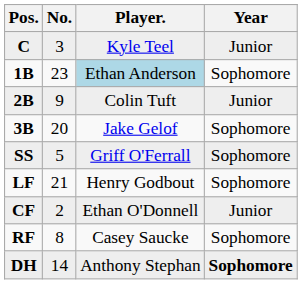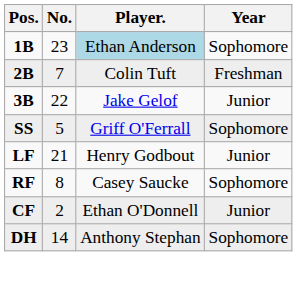 <table class="wikitable non-sortable">
 <tr>
 <th style="text-align:center; ">Pos.</th>
 <th style="text-align:center; ">No.</th>
 <th style="text-align:center; ">Player.</th>
 <th style="text-align:center; ">Year</th>
-</tr>
-<tr style="background:#eeeeee;text-align:center;">
-<td><strong>C</strong></td>
-<td>3</td>
-<td><a href='#'>Kyle Teel</a></td>
-<td>Junior</td>
 </tr>
 <tr style="text-align:center;">
 <td><strong>1B</strong></td>
 <td>23</td>
 <td style="background: lightblue;">Ethan Anderson</td>
 <td>Sophomore</td>
 </tr>
 <tr style="background:#eeeeee;text-align:center;">
 <td><strong>2B</strong></td>
-<td>9</td>
+<td>7</td>
 <td>Colin Tuft</td>
-<td>Junior</td>
+<td>Freshman</td>
 </tr>
 <tr style="text-align:center;">
 <td><strong>3B</strong></td>
-<td>20</td>
+<td>22</td>
 <td><a href='#'>Jake Gelof</a></td>
-<td>Sophomore</td>
+<td>Junior</td>
 </tr>
 <tr style="background:#eeeeee;text-align:center;">
 <td><strong>SS</strong></td>
 <td>5</td>
 <td><a href='#'>Griff O'Ferrall</a></td>
 <td>Sophomore</td>
 </tr>
 <tr style="text-align:center;">
 <td><strong>LF</strong></td>
 <td>21</td>
 <td>Henry Godbout</td>
-<td>Sophomore</td>
-</tr>
-<tr style="background:#eeeeee;text-align:center;">
-<td><strong>CF</strong></td>
-<td>2</td>
-<td>Ethan O'Donnell</td>
 <td>Junior</td>
 </tr>
 <tr style="text-align:center;">
 <td><strong>RF</strong></td>
 <td>8</td>
 <td>Casey Saucke</td>
 <td>Sophomore</td>
 </tr>
 <tr style="background:#eeeeee;text-align:center;">
+<td><strong>CF</strong></td>
+<td>2</td>
+<td>Ethan O'Donnell</td>
+<td>Junior</td>
+</tr>
+<tr style="background:#eeeeee;text-align:center;">
 <td><strong>DH</strong></td>
 <td>14</td>
 <td>Anthony Stephan</td>
-<td><strong>Sophomore</strong></td>
+<td>Sophomore</td>
 </tr>
 </table>
